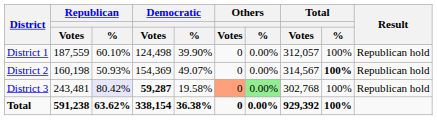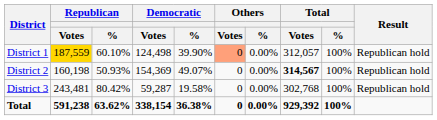 <table class="wikitable plainrowheaders sortable" style="font-size:100%; text-align:right;">
 <tr>
 <th scope=col rowspan=3><a href='#'>District</a></th>
 <th scope=col colspan=2><a href='#'>Republican</a></th>
 <th scope=col colspan=2><a href='#'>Democratic</a></th>
 <th scope=col colspan=2>Others</th>
 <th scope=col colspan=2>Total</th>
 <th scope=col rowspan=3>Result</th>
 </tr>
 <tr>
 <th scope=col colspan=2 style="background:"></th>
 <th scope=col colspan=2 style="background:"></th>
 <th scope=col colspan=2></th>
 <th scope=col colspan=2></th>
 </tr>
 <tr>
 <th scope=col data-sort-type="number">Votes</th>
 <th scope=col data-sort-type="number">%</th>
 <th scope=col data-sort-type="number">Votes</th>
 <th scope=col data-sort-type="number">%</th>
 <th scope=col data-sort-type="number">Votes</th>
 <th scope=col data-sort-type="number">%</th>
 <th scope=col data-sort-type="number">Votes</th>
 <th scope=col data-sort-type="number">%</th>
 </tr>
 <tr>
 <td align=left><a href='#'>District 1</a></td>
-<td>187,559</td>
+<td style="background: gold;">187,559</td>
 <td>60.10%</td>
 <td>124,498</td>
 <td>39.90%</td>
-<td>0</td>
+<td style="background: lightsalmon;">0</td>
 <td>0.00%</td>
 <td>312,057</td>
 <td>100%</td>
 <td align=left>Republican hold</td>
 </tr>
 <tr>
 <td align=left><a href='#'>District 2</a></td>
 <td>160,198</td>
 <td>50.93%</td>
 <td>154,369</td>
 <td>49.07%</td>
 <td>0</td>
 <td>0.00%</td>
-<td>314,567</td>
-<td><strong>100%</strong></td>
+<td><strong>314,567</strong></td>
+<td>100%</td>
 <td align=left>Republican hold</td>
 </tr>
 <tr>
 <td align=left><a href='#'>District 3</a></td>
 <td>243,481</td>
-<td style="background: lavender;">80.42%</td>
-<td><strong>59,287</strong></td>
+<td>80.42%</td>
+<td>59,287</td>
 <td>19.58%</td>
-<td style="background: lightsalmon;">0</td>
-<td style="background: lightgreen;">0.00%</td>
+<td>0</td>
+<td>0.00%</td>
 <td>302,768</td>
 <td>100%</td>
 <td align=left>Republican hold</td>
 </tr>
 <tr class="sortbottom" style="font-weight:bold">
 <td align=left>Total</td>
 <td>591,238</td>
 <td>63.62%</td>
 <td>338,154</td>
 <td>36.38%</td>
 <td>0</td>
 <td>0.00%</td>
 <td>929,392</td>
 <td>100%</td>
 <td></td>
 </tr>
 </table>
